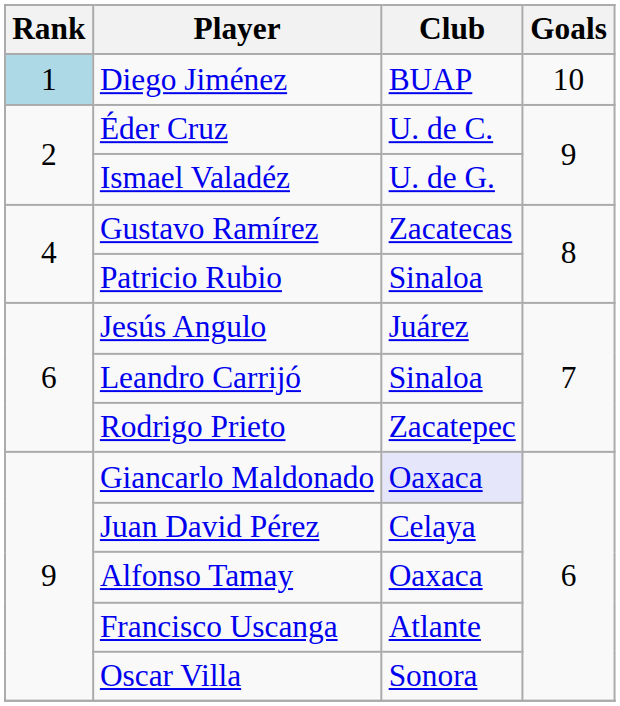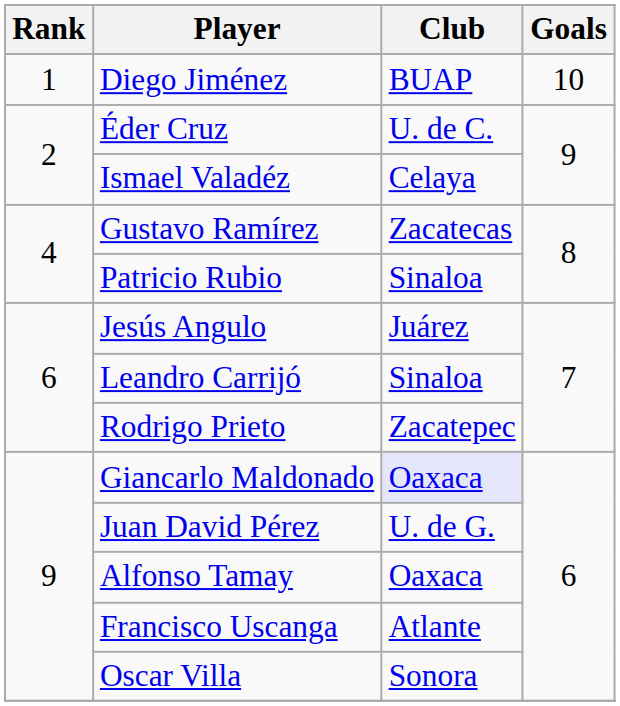 <table class="wikitable">
 <tr>
 <th>Rank</th>
 <th>Player</th>
 <th>Club</th>
 <th>Goals</th>
 </tr>
 <tr>
-<td align=center rowspan=1 style="background: lightblue;">1</td>
+<td align=center rowspan=1>1</td>
 <td> <a href='#'>Diego Jiménez</a></td>
 <td><a href='#'>BUAP</a></td>
 <td align=center rowspan=1>10</td>
 </tr>
 <tr>
 <td align=center rowspan=2>2</td>
 <td> <a href='#'>Éder Cruz</a></td>
 <td><a href='#'>U. de C.</a></td>
 <td align=center rowspan=2>9</td>
 </tr>
 <tr>
 <td> <a href='#'>Ismael Valadéz</a></td>
-<td><a href='#'>U. de G.</a></td>
+<td><a href='#'>Celaya</a></td>
 </tr>
 <tr>
 <td align=center rowspan=2>4</td>
 <td>  <a href='#'>Gustavo Ramírez</a></td>
 <td><a href='#'>Zacatecas</a></td>
 <td align=center rowspan=2>8</td>
 </tr>
 <tr>
 <td> <a href='#'>Patricio Rubio</a></td>
 <td><a href='#'>Sinaloa</a></td>
 </tr>
 <tr>
 <td align=center rowspan=3>6</td>
 <td> <a href='#'>Jesús Angulo</a></td>
 <td><a href='#'>Juárez</a></td>
 <td align=center rowspan=3>7</td>
 </tr>
 <tr>
 <td> <a href='#'>Leandro Carrijó</a></td>
 <td><a href='#'>Sinaloa</a></td>
 </tr>
 <tr>
 <td> <a href='#'>Rodrigo Prieto</a></td>
 <td><a href='#'>Zacatepec</a></td>
 </tr>
 <tr>
 <td align=center rowspan=5>9</td>
 <td> <a href='#'>Giancarlo Maldonado</a></td>
 <td style="background: lavender;"><a href='#'>Oaxaca</a></td>
 <td align=center rowspan=5>6</td>
 </tr>
 <tr>
 <td> <a href='#'>Juan David Pérez</a></td>
-<td><a href='#'>Celaya</a></td>
+<td><a href='#'>U. de G.</a></td>
 </tr>
 <tr>
 <td> <a href='#'>Alfonso Tamay</a></td>
 <td><a href='#'>Oaxaca</a></td>
 </tr>
 <tr>
 <td> <a href='#'>Francisco Uscanga</a></td>
 <td><a href='#'>Atlante</a></td>
 </tr>
 <tr>
 <td> <a href='#'>Oscar Villa</a></td>
 <td><a href='#'>Sonora</a></td>
 </tr>
 <tr>
 </tr>
 </table>
